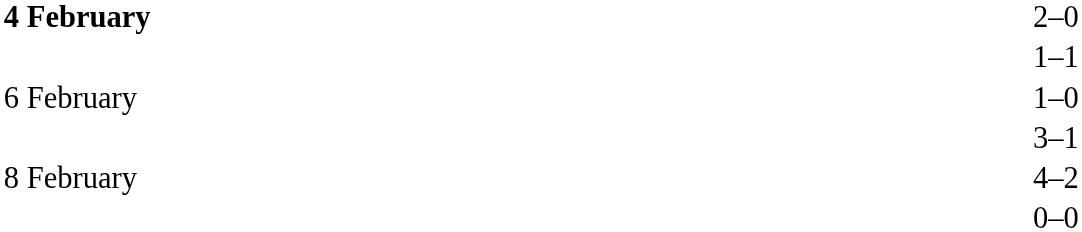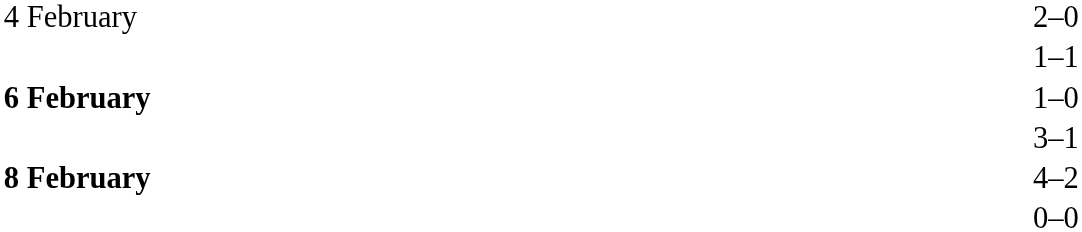 <table cellspacing=1 width=70%>
 <tr>
 <th width=25%></th>
 <th width=30%></th>
 <th width=15%></th>
 <th width=30%></th>
 </tr>
 <tr>
-<td><strong>4 February</strong></td>
+<td>4 February</td>
 <td align=right></td>
 <td align=center>2–0</td>
 <td></td>
 </tr>
 <tr>
 <td></td>
 <td align=right></td>
 <td align=center>1–1</td>
 <td></td>
 </tr>
 <tr>
-<td>6 February</td>
+<td><strong>6 February</strong></td>
 <td align=right></td>
 <td align=center>1–0</td>
 <td></td>
 </tr>
 <tr>
 <td></td>
 <td align=right></td>
 <td align=center>3–1</td>
 <td></td>
 </tr>
 <tr>
-<td>8 February</td>
+<td><strong>8 February</strong></td>
 <td align=right></td>
 <td align=center>4–2</td>
 <td></td>
 </tr>
 <tr>
 <td></td>
 <td align=right></td>
 <td align=center>0–0</td>
 <td></td>
 </tr>
 </table>
